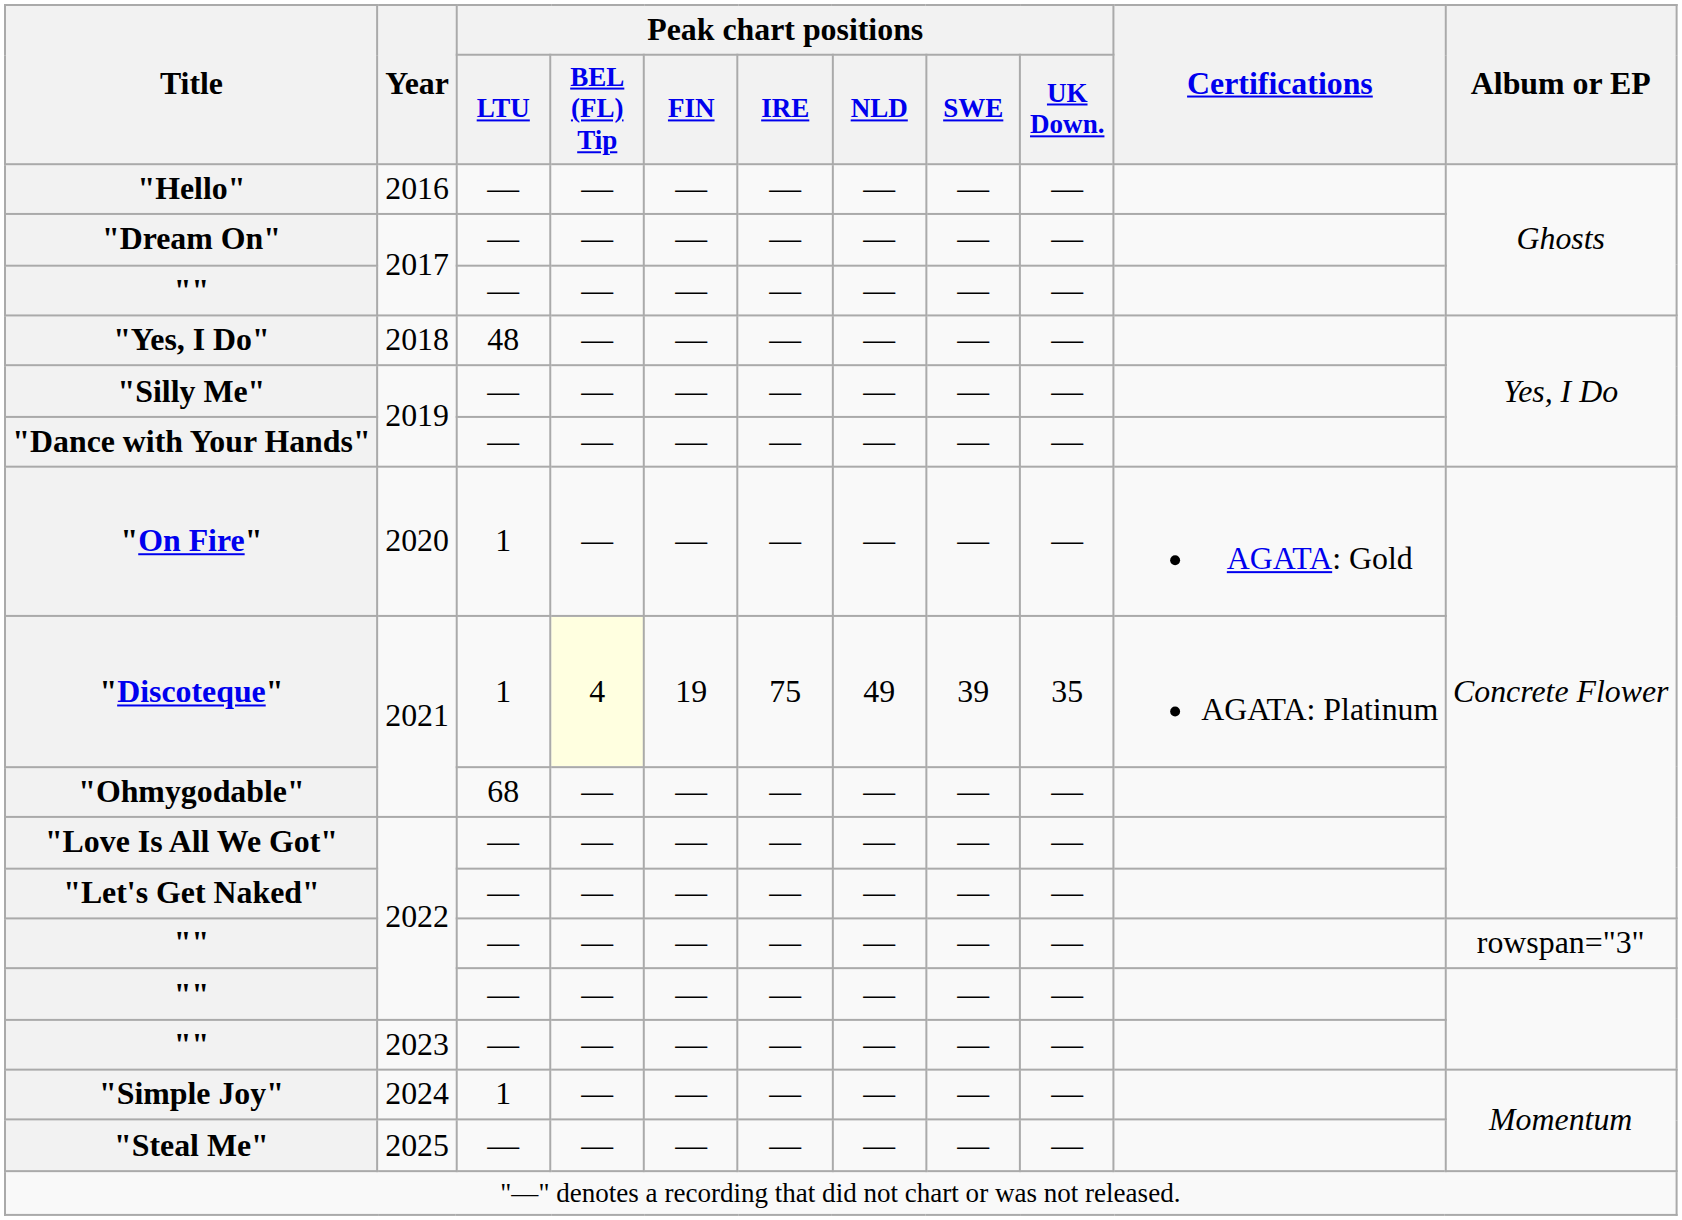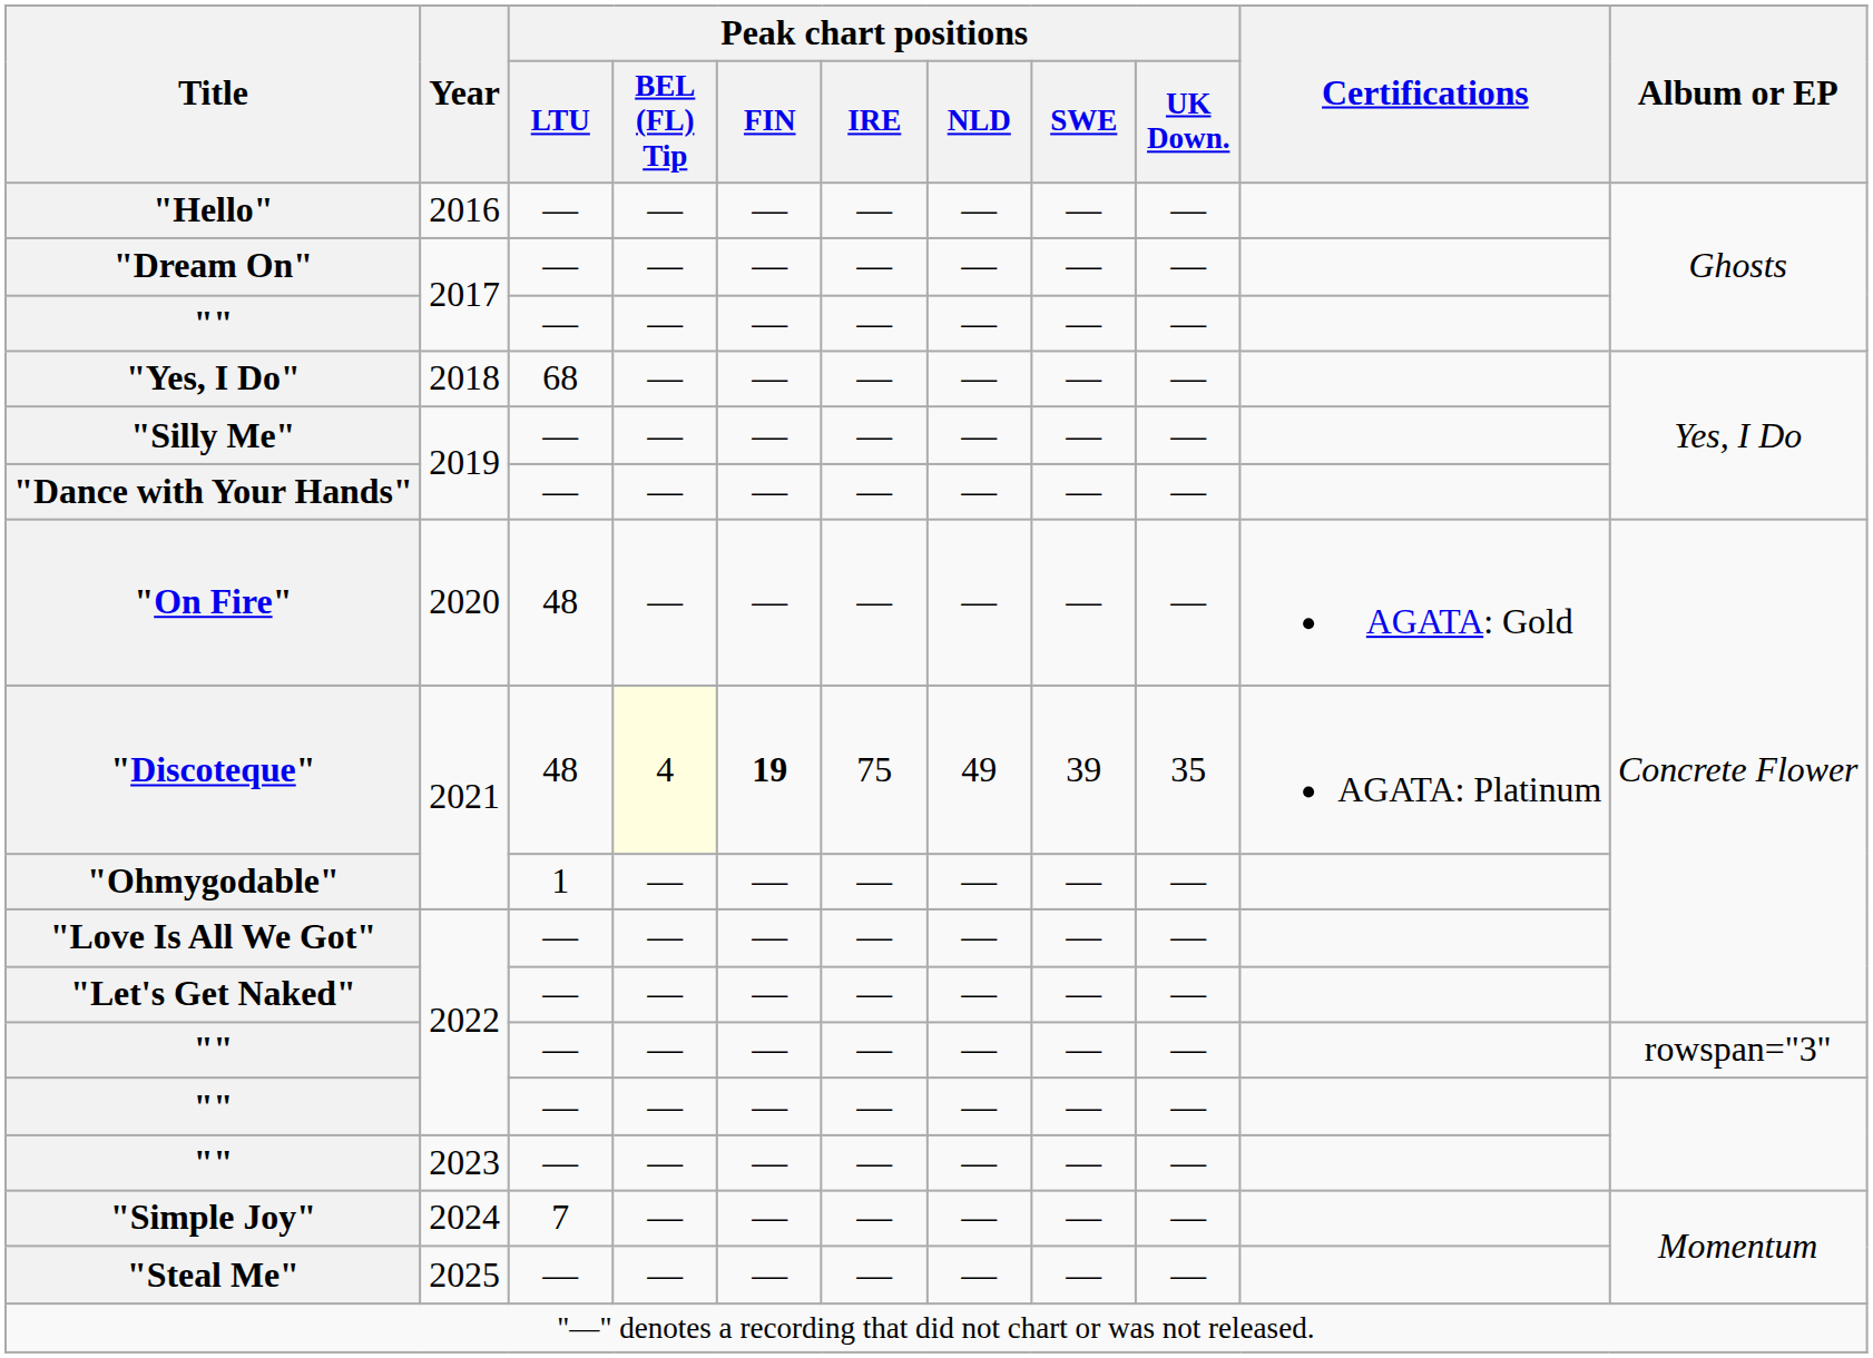 <table class="wikitable plainrowheaders" style="text-align:center;">
 <tr>
 <th scope="col" rowspan="2">Title</th>
 <th scope="col" rowspan="2">Year</th>
 <th scope="col" colspan="7">Peak chart positions</th>
 <th scope="col" rowspan="2"><a href='#'>Certifications</a></th>
 <th scope="col" rowspan="2">Album or EP</th>
 </tr>
 <tr>
 <th scope="col" style="width:3em;font-size:85%;"><a href='#'>LTU</a><br></th>
 <th scope="col" style="width:3em;font-size:85%;"><a href='#'>BEL<br>(FL)<br>Tip</a><br></th>
 <th scope="col" style="width:3em;font-size:85%;"><a href='#'>FIN</a><br></th>
 <th scope="col" style="width:3em;font-size:85%;"><a href='#'>IRE</a><br></th>
 <th scope="col" style="width:3em;font-size:85%;"><a href='#'>NLD</a><br></th>
 <th scope="col" style="width:3em;font-size:85%;"><a href='#'>SWE</a><br></th>
 <th scope="col" style="width:3em;font-size:85%;"><a href='#'>UK<br>Down.</a><br></th>
 </tr>
 <tr>
 <th scope="row">"Hello"</th>
 <td>2016</td>
 <td>—</td>
 <td>—</td>
 <td>—</td>
 <td>—</td>
 <td>—</td>
 <td>—</td>
 <td>—</td>
 <td></td>
 <td rowspan="3"><em>Ghosts</em></td>
 </tr>
 <tr>
 <th scope="row">"Dream On"</th>
 <td rowspan="2">2017</td>
 <td>—</td>
 <td>—</td>
 <td>—</td>
 <td>—</td>
 <td>—</td>
 <td>—</td>
 <td>—</td>
 <td></td>
 </tr>
 <tr>
 <th scope="row">""</th>
 <td>—</td>
 <td>—</td>
 <td>—</td>
 <td>—</td>
 <td>—</td>
 <td>—</td>
 <td>—</td>
 <td></td>
 </tr>
 <tr>
 <th scope="row">"Yes, I Do"</th>
 <td>2018</td>
-<td>48</td>
+<td>68</td>
 <td>—</td>
 <td>—</td>
 <td>—</td>
 <td>—</td>
 <td>—</td>
 <td>—</td>
 <td></td>
 <td rowspan="3"><em>Yes, I Do</em></td>
 </tr>
 <tr>
 <th scope="row">"Silly Me"</th>
 <td rowspan="2">2019</td>
 <td>—</td>
 <td>—</td>
 <td>—</td>
 <td>—</td>
 <td>—</td>
 <td>—</td>
 <td>—</td>
 <td></td>
 </tr>
 <tr>
 <th scope="row">"Dance with Your Hands"</th>
 <td>—</td>
 <td>—</td>
 <td>—</td>
 <td>—</td>
 <td>—</td>
 <td>—</td>
 <td>—</td>
 <td></td>
 </tr>
 <tr>
 <th scope="row">"<a href='#'>On Fire</a>"</th>
 <td>2020</td>
-<td>1</td>
+<td>48</td>
 <td>—</td>
 <td>—</td>
 <td>—</td>
 <td>—</td>
 <td>—</td>
 <td>—</td>
 <td><br><ul><li><a href='#'>AGATA</a>: Gold</li></ul></td>
 <td rowspan="5"><em>Concrete Flower</em></td>
 </tr>
 <tr>
 <th scope="row">"<a href='#'>Discoteque</a>"</th>
 <td rowspan="2">2021</td>
-<td>1</td>
+<td>48</td>
 <td style="background: lightyellow;">4</td>
-<td>19</td>
+<td><strong>19</strong></td>
 <td>75</td>
 <td>49</td>
 <td>39</td>
 <td>35</td>
 <td><br><ul><li>AGATA: Platinum</li></ul></td>
 </tr>
 <tr>
 <th scope="row">"Ohmygodable"</th>
-<td>68</td>
+<td>1</td>
 <td>—</td>
 <td>—</td>
 <td>—</td>
 <td>—</td>
 <td>—</td>
 <td>—</td>
 <td></td>
 </tr>
 <tr>
 <th scope="row">"Love Is All We Got"</th>
 <td rowspan="4">2022</td>
 <td>—</td>
 <td>—</td>
 <td>—</td>
 <td>—</td>
 <td>—</td>
 <td>—</td>
 <td>—</td>
 <td></td>
 </tr>
 <tr>
 <th scope="row">"Let's Get Naked"</th>
 <td>—</td>
 <td>—</td>
 <td>—</td>
 <td>—</td>
 <td>—</td>
 <td>—</td>
 <td>—</td>
 <td></td>
 </tr>
 <tr>
 <th scope="row">""</th>
 <td>—</td>
 <td>—</td>
 <td>—</td>
 <td>—</td>
 <td>—</td>
 <td>—</td>
 <td>—</td>
 <td></td>
 <td>rowspan="3" </td>
 </tr>
 <tr>
 <th scope="row">""</th>
 <td>—</td>
 <td>—</td>
 <td>—</td>
 <td>—</td>
 <td>—</td>
 <td>—</td>
 <td>—</td>
 <td></td>
 </tr>
 <tr>
 <th scope="row">""</th>
 <td>2023</td>
 <td>—</td>
 <td>—</td>
 <td>—</td>
 <td>—</td>
 <td>—</td>
 <td>—</td>
 <td>—</td>
 <td></td>
 </tr>
 <tr>
 <th scope="row">"Simple Joy"</th>
 <td>2024</td>
-<td>1</td>
+<td>7</td>
 <td>—</td>
 <td>—</td>
 <td>—</td>
 <td>—</td>
 <td>—</td>
 <td>—</td>
 <td></td>
 <td rowspan="2"><em>Momentum</em></td>
 </tr>
 <tr>
 <th scope="row">"Steal Me"</th>
 <td>2025</td>
 <td>—</td>
 <td>—</td>
 <td>—</td>
 <td>—</td>
 <td>—</td>
 <td>—</td>
 <td>—</td>
 <td></td>
 </tr>
 <tr>
 <td style="font-size:85%;" colspan="20">"—" denotes a recording that did not chart or was not released.</td>
 </tr>
 </table>
